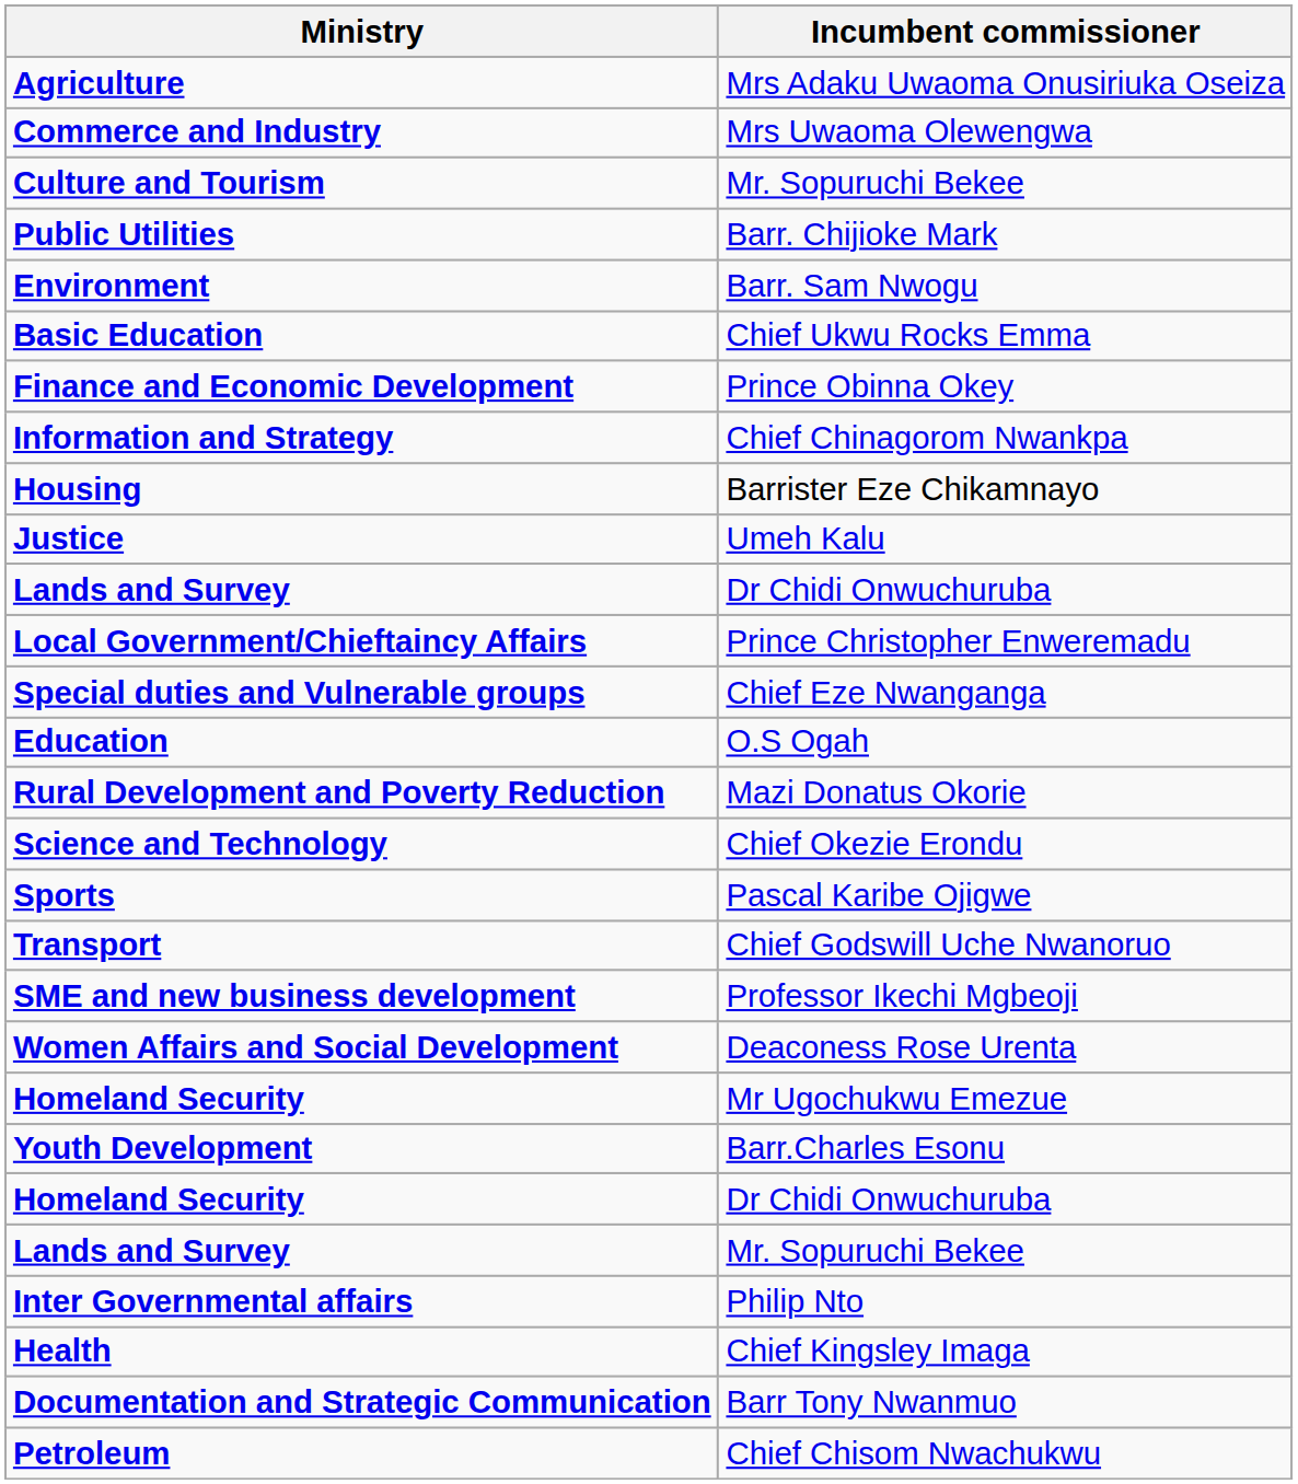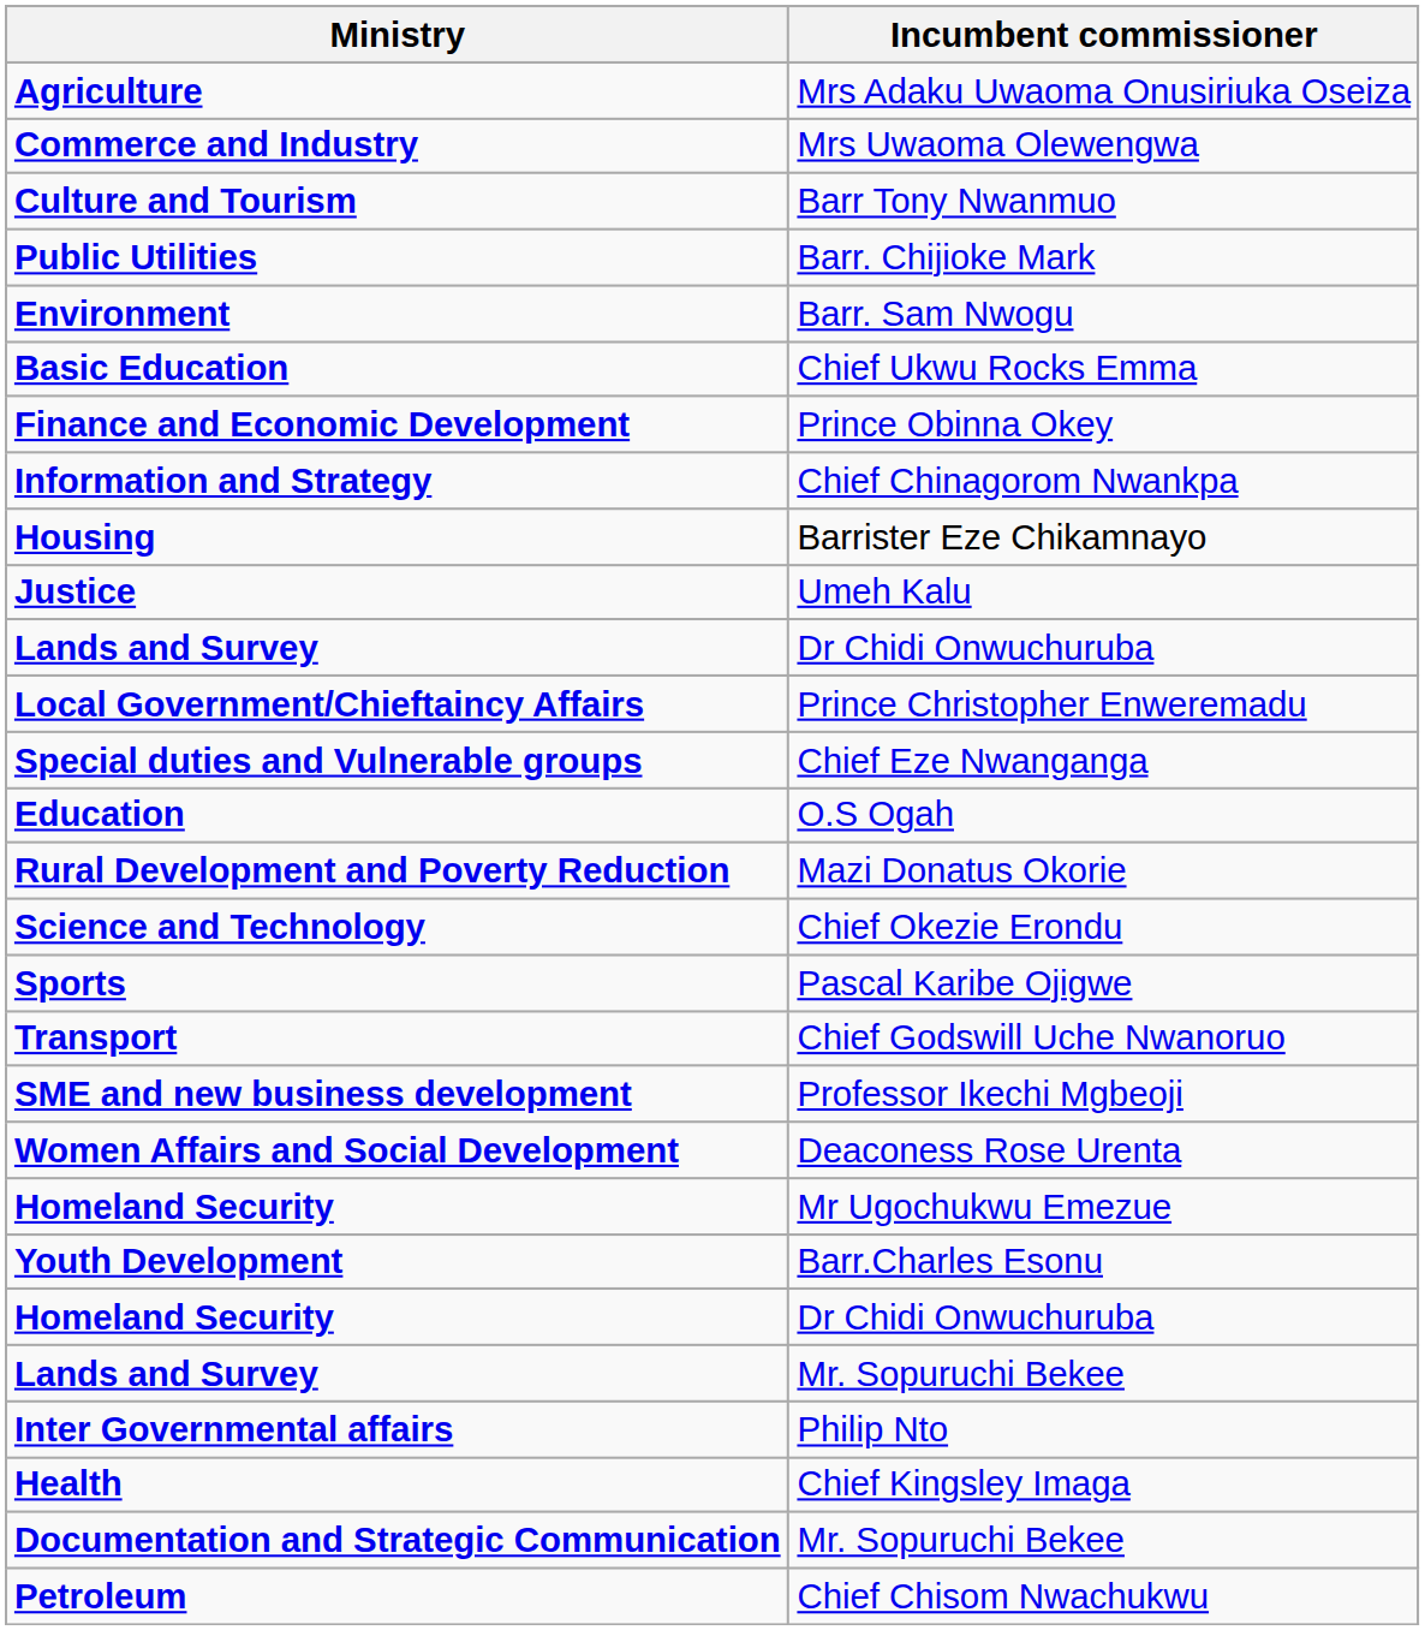 <table class="wikitable" style="font-size:90%;">
 <tr bgcolor="#ececec">
 <th>Ministry</th>
 <th>Incumbent commissioner</th>
 </tr>
 <tr>
 <td><strong><a href='#'>Agriculture</a></strong></td>
 <td><a href='#'>Mrs Adaku Uwaoma Onusiriuka Oseiza</a></td>
 </tr>
 <tr>
 <td><strong><a href='#'>Commerce and Industry</a></strong></td>
 <td><a href='#'>Mrs Uwaoma Olewengwa</a></td>
 </tr>
 <tr>
 <td><strong><a href='#'>Culture and Tourism</a></strong></td>
-<td><a href='#'>Mr. Sopuruchi Bekee</a></td>
+<td><a href='#'>Barr Tony Nwanmuo</a></td>
 </tr>
 <tr>
 <td><strong><a href='#'>Public Utilities</a> </strong></td>
 <td><a href='#'>Barr. Chijioke Mark</a></td>
 </tr>
 <tr>
 <td><strong><a href='#'>Environment</a></strong></td>
 <td><a href='#'>Barr. Sam Nwogu</a></td>
 </tr>
 <tr>
 <td><strong><a href='#'>Basic Education</a></strong></td>
 <td><a href='#'>Chief Ukwu Rocks Emma</a></td>
 </tr>
 <tr>
 <td><strong><a href='#'>Finance and Economic Development</a></strong></td>
 <td><a href='#'>Prince Obinna Okey </a></td>
 </tr>
 <tr>
 <td><strong><a href='#'>Information and Strategy</a> </strong></td>
 <td><a href='#'>Chief Chinagorom Nwankpa</a></td>
 </tr>
 <tr>
 <td><strong><a href='#'>Housing</a> </strong></td>
 <td>Barrister Eze Chikamnayo</td>
 </tr>
 <tr>
 <td><strong><a href='#'>Justice</a></strong></td>
 <td><a href='#'>Umeh Kalu</a></td>
 </tr>
 <tr>
 <td><strong><a href='#'>Lands and Survey</a> </strong></td>
 <td><a href='#'>Dr Chidi Onwuchuruba</a></td>
 </tr>
 <tr>
 <td><strong><a href='#'>Local Government/Chieftaincy Affairs</a> </strong></td>
 <td><a href='#'>Prince Christopher Enweremadu</a></td>
 </tr>
 <tr>
 <td><strong><a href='#'>Special duties and Vulnerable groups</a></strong></td>
 <td><a href='#'>Chief Eze Nwanganga</a></td>
 </tr>
 <tr>
 <td><strong><a href='#'>Education</a></strong></td>
 <td><a href='#'>O.S Ogah</a></td>
 </tr>
 <tr>
 <td><strong><a href='#'>Rural Development and Poverty Reduction</a></strong></td>
 <td><a href='#'>Mazi Donatus Okorie</a></td>
 </tr>
 <tr>
 <td><strong><a href='#'>Science and Technology</a> </strong></td>
 <td><a href='#'>Chief Okezie Erondu</a></td>
 </tr>
 <tr>
 <td><strong><a href='#'>Sports</a> </strong></td>
 <td><a href='#'>Pascal Karibe Ojigwe</a></td>
 </tr>
 <tr>
 <td><strong><a href='#'>Transport</a> </strong></td>
 <td><a href='#'>Chief Godswill Uche Nwanoruo</a></td>
 </tr>
 <tr>
 <td><strong><a href='#'>SME and new business development</a></strong></td>
 <td><a href='#'>Professor Ikechi Mgbeoji</a></td>
 </tr>
 <tr>
 <td><strong><a href='#'>Women Affairs and Social Development</a></strong></td>
 <td><a href='#'>Deaconess Rose Urenta</a></td>
 </tr>
 <tr>
 <td><strong><a href='#'>Homeland Security</a></strong></td>
 <td><a href='#'>Mr Ugochukwu Emezue</a></td>
 </tr>
 <tr>
 <td><strong><a href='#'>Youth Development</a></strong></td>
 <td><a href='#'>Barr.Charles Esonu</a></td>
 </tr>
 <tr>
 <td><strong><a href='#'>Homeland Security</a></strong></td>
 <td><a href='#'>Dr Chidi Onwuchuruba</a></td>
 </tr>
 <tr>
 <td><strong><a href='#'>Lands and Survey</a></strong></td>
 <td><a href='#'>Mr. Sopuruchi Bekee</a></td>
 </tr>
 <tr>
 <td><strong><a href='#'>Inter Governmental affairs</a></strong></td>
 <td><a href='#'>Philip Nto</a></td>
 </tr>
 <tr>
 <td><strong><a href='#'>Health</a></strong></td>
 <td><a href='#'>Chief Kingsley Imaga</a></td>
 </tr>
 <tr>
 <td><strong><a href='#'>Documentation and Strategic Communication</a></strong></td>
-<td><a href='#'>Barr Tony Nwanmuo</a></td>
+<td><a href='#'>Mr. Sopuruchi Bekee</a></td>
 </tr>
 <tr>
 <td><strong><a href='#'>Petroleum</a></strong></td>
 <td><a href='#'>Chief Chisom Nwachukwu</a></td>
 </tr>
 </table>
